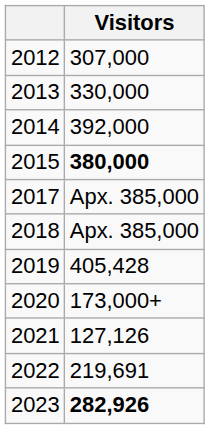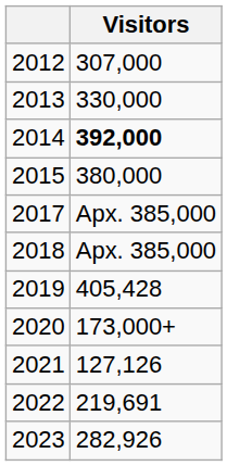 <table - class="wikitable" style="float:right; margin-left:0.5em">
 <tr>
 <th></th>
 <th>Visitors</th>
 </tr>
 <tr>
 <td>2012</td>
 <td>307,000</td>
 </tr>
 <tr>
 <td>2013</td>
 <td>330,000</td>
 </tr>
 <tr>
 <td>2014</td>
-<td>392,000</td>
+<td><strong>392,000</strong></td>
 </tr>
 <tr>
 <td>2015</td>
-<td><strong>380,000</strong></td>
+<td>380,000</td>
 </tr>
 <tr>
 <td>2017</td>
 <td>Apx. 385,000</td>
 </tr>
 <tr>
 <td>2018</td>
 <td>Apx. 385,000</td>
 </tr>
 <tr>
 <td>2019</td>
 <td>405,428</td>
 </tr>
 <tr>
 <td>2020</td>
 <td>173,000+</td>
 </tr>
 <tr>
 <td>2021</td>
 <td>127,126</td>
 </tr>
 <tr>
 <td>2022</td>
 <td>219,691</td>
 </tr>
 <tr>
 <td>2023</td>
-<td><strong>282,926</strong></td>
+<td>282,926</td>
 </tr>
 </table>
